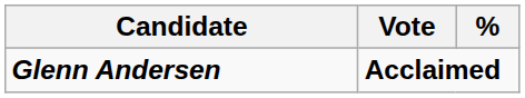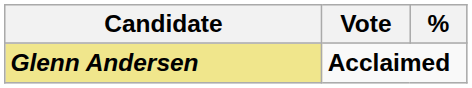 <table class="wikitable">
 <tr>
 <th bgcolor="#DDDDFF" width="200px">Candidate</th>
 <th bgcolor="#DDDDFF" width="50px">Vote</th>
 <th bgcolor="#DDDDFF" width="30px">%</th>
 </tr>
 <tr>
-<td><strong><em>Glenn Andersen</em></strong></td>
+<td style="background: khaki;"><strong><em>Glenn Andersen</em></strong></td>
 <td colspan="2"><strong>Acclaimed</strong></td>
 </tr>
 </table>
